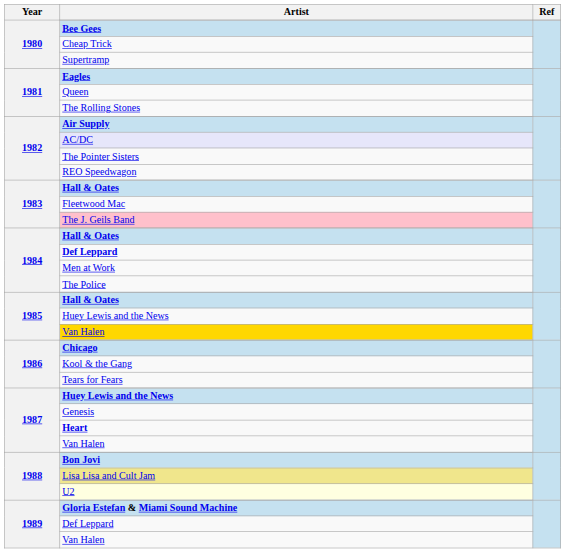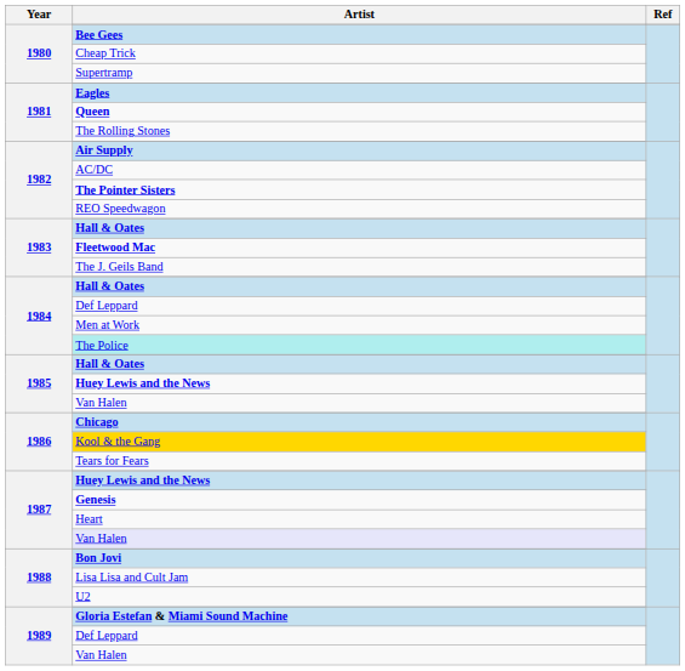 <table class="wikitable" width="100%">
 <tr>
 <th width="10%">Year</th>
 <th width="85%">Artist</th>
 <th width="5%">Ref</th>
 </tr>
 <tr>
 <th rowspan="4" align="center"><a href='#'>1980<br></a></th>
 </tr>
 <tr style="background:#c5e1f0">
 <td><strong><a href='#'>Bee Gees</a></strong></td>
 <td rowspan="4" align="center"></td>
 </tr>
 <tr>
 <td><a href='#'>Cheap Trick</a></td>
 </tr>
 <tr>
 <td><a href='#'>Supertramp</a></td>
 </tr>
 <tr>
 <th rowspan="4" align="center"><a href='#'>1981<br></a></th>
 </tr>
 <tr style="background:#c5e1f0">
 <td><strong><a href='#'>Eagles</a></strong></td>
 <td rowspan="4" align="center"></td>
 </tr>
 <tr>
-<td><a href='#'>Queen</a></td>
+<td><strong><a href='#'>Queen</a></strong></td>
 </tr>
 <tr>
 <td><a href='#'>The Rolling Stones</a></td>
 </tr>
 <tr>
 <th rowspan="5" align="center"><a href='#'>1982<br></a></th>
 </tr>
 <tr style="background:#c5e1f0">
 <td><strong><a href='#'>Air Supply</a></strong></td>
 <td rowspan="5" align="center"></td>
 </tr>
 <tr>
-<td style="background: lavender;"><a href='#'>AC/DC</a></td>
+<td><a href='#'>AC/DC</a></td>
 </tr>
 <tr>
-<td><a href='#'>The Pointer Sisters</a></td>
+<td><strong><a href='#'>The Pointer Sisters</a></strong></td>
 </tr>
 <tr>
 <td><a href='#'>REO Speedwagon</a></td>
 </tr>
 <tr>
 <th rowspan="4" align="center"><a href='#'>1983<br></a></th>
 </tr>
 <tr style="background:#c5e1f0">
 <td><strong><a href='#'>Hall & Oates</a></strong></td>
 <td rowspan="4" align="center"></td>
 </tr>
 <tr>
-<td><a href='#'>Fleetwood Mac</a></td>
+<td><strong><a href='#'>Fleetwood Mac</a></strong></td>
 </tr>
 <tr>
-<td style="background: pink;"><a href='#'>The J. Geils Band</a></td>
+<td><a href='#'>The J. Geils Band</a></td>
 </tr>
 <tr>
 <th rowspan="5" align="center"><a href='#'>1984<br></a></th>
 </tr>
 <tr style="background:#c5e1f0">
 <td><strong><a href='#'>Hall & Oates</a></strong></td>
 <td rowspan="5" align="center"></td>
 </tr>
 <tr>
-<td><strong><a href='#'>Def Leppard</a></strong></td>
+<td><a href='#'>Def Leppard</a></td>
 </tr>
 <tr>
 <td><a href='#'>Men at Work</a></td>
 </tr>
 <tr>
-<td><a href='#'>The Police</a></td>
+<td style="background: paleturquoise;"><a href='#'>The Police</a></td>
 </tr>
 <tr>
 <th rowspan="4" align="center"><a href='#'>1985<br></a></th>
 </tr>
 <tr style="background:#c5e1f0">
 <td><strong><a href='#'>Hall & Oates</a></strong></td>
 <td rowspan="4" align="center"></td>
 </tr>
 <tr>
-<td><a href='#'>Huey Lewis and the News</a></td>
+<td><strong><a href='#'>Huey Lewis and the News</a></strong></td>
 </tr>
 <tr>
-<td style="background: gold;"><a href='#'>Van Halen</a></td>
+<td><a href='#'>Van Halen</a></td>
 </tr>
 <tr>
 <th rowspan="4" align="center"><a href='#'>1986<br></a></th>
 </tr>
 <tr style="background:#c5e1f0">
 <td><strong><a href='#'>Chicago</a></strong></td>
 <td rowspan="4" align="center"></td>
 </tr>
 <tr>
-<td><a href='#'>Kool & the Gang</a></td>
+<td style="background: gold;"><a href='#'>Kool & the Gang</a></td>
 </tr>
 <tr>
 <td><a href='#'>Tears for Fears</a></td>
 </tr>
 <tr>
 <th rowspan="5" align="center"><a href='#'>1987<br></a></th>
 </tr>
 <tr style="background:#c5e1f0">
 <td><strong><a href='#'>Huey Lewis and the News</a></strong></td>
 <td rowspan="5" align="center"></td>
 </tr>
 <tr>
-<td><a href='#'>Genesis</a></td>
+<td><strong><a href='#'>Genesis</a></strong></td>
 </tr>
 <tr>
-<td><strong><a href='#'>Heart</a></strong></td>
+<td><a href='#'>Heart</a></td>
 </tr>
 <tr>
-<td><a href='#'>Van Halen</a></td>
+<td style="background: lavender;"><a href='#'>Van Halen</a></td>
 </tr>
 <tr>
 <th rowspan="4" align="center"><a href='#'>1988<br></a></th>
 </tr>
 <tr style="background:#c5e1f0">
 <td><strong><a href='#'>Bon Jovi</a></strong></td>
 <td rowspan="4" align="center"></td>
 </tr>
 <tr>
-<td style="background: khaki;"><a href='#'>Lisa Lisa and Cult Jam</a></td>
+<td><a href='#'>Lisa Lisa and Cult Jam</a></td>
 </tr>
 <tr>
-<td style="background: lightyellow;"><a href='#'>U2</a></td>
+<td><a href='#'>U2</a></td>
 </tr>
 <tr>
 <th rowspan="4" align="center"><a href='#'>1989<br></a></th>
 </tr>
 <tr style="background:#c5e1f0">
 <td><strong><a href='#'>Gloria Estefan</a> & <a href='#'>Miami Sound Machine</a></strong></td>
 <td rowspan="4" align="center"></td>
 </tr>
 <tr>
 <td><a href='#'>Def Leppard</a></td>
 </tr>
 <tr>
 <td><a href='#'>Van Halen</a></td>
 </tr>
 </table>
